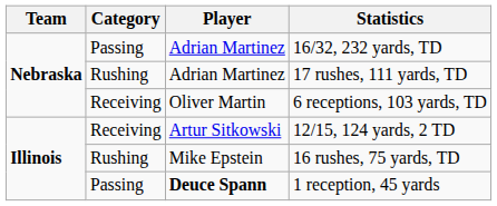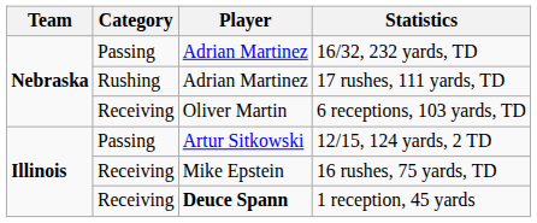 <table class="wikitable" style="float: right;">
 <tr>
 <th>Team</th>
 <th>Category</th>
 <th>Player</th>
 <th>Statistics</th>
 </tr>
 <tr>
 <td rowspan=3><strong>Nebraska</strong></td>
 <td>Passing</td>
 <td><a href='#'>Adrian Martinez</a></td>
 <td>16/32, 232 yards, TD</td>
 </tr>
 <tr>
 <td>Rushing</td>
 <td>Adrian Martinez</td>
 <td>17 rushes, 111 yards, TD</td>
 </tr>
 <tr>
 <td>Receiving</td>
 <td>Oliver Martin</td>
 <td>6 receptions, 103 yards, TD</td>
 </tr>
 <tr>
 <td rowspan=3><strong>Illinois</strong></td>
-<td>Receiving</td>
+<td>Passing</td>
 <td><a href='#'>Artur Sitkowski</a></td>
 <td>12/15, 124 yards, 2 TD</td>
 </tr>
 <tr>
-<td>Rushing</td>
+<td>Receiving</td>
 <td>Mike Epstein</td>
 <td>16 rushes, 75 yards, TD</td>
 </tr>
 <tr>
-<td>Passing</td>
+<td>Receiving</td>
 <td><strong>Deuce Spann</strong></td>
 <td>1 reception, 45 yards</td>
 </tr>
 </table>
